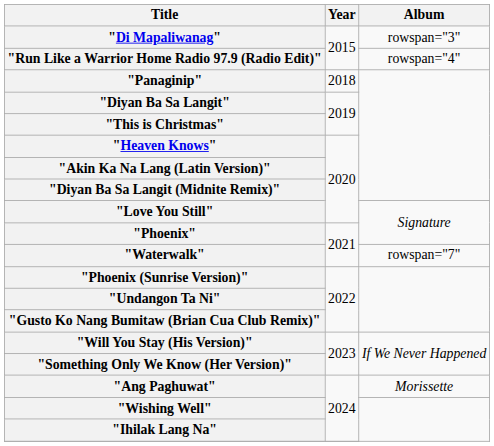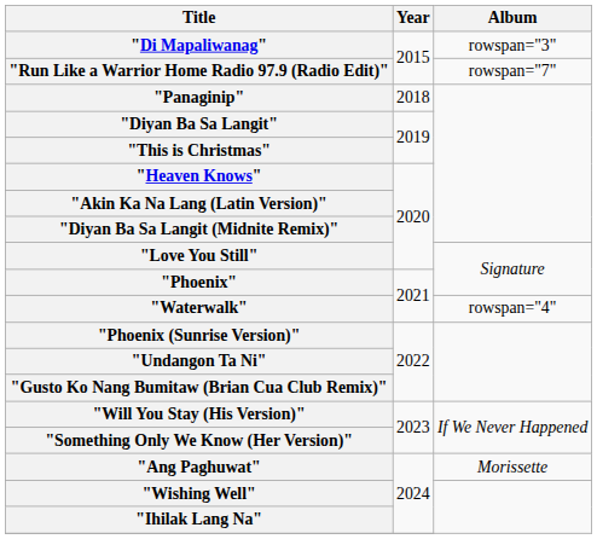 <table class="wikitable plainrowheaders" style="text-align:center;">
 <tr>
 <th scope="col">Title</th>
 <th scope="col">Year</th>
 <th scope="col">Album</th>
 </tr>
 <tr>
 <th scope="row">"<a href='#'>Di Mapaliwanag</a>"</th>
 <td rowspan="2">2015</td>
 <td>rowspan="3" </td>
 </tr>
 <tr>
 <th scope="row">"Run Like a Warrior Home Radio 97.9 (Radio Edit)"</th>
-<td>rowspan="4" </td>
+<td>rowspan="7" </td>
 </tr>
 <tr>
 <th scope="row">"Panaginip"</th>
 <td>2018</td>
 </tr>
 <tr>
 <th scope="row">"Diyan Ba Sa Langit"<br></th>
 <td rowspan="2">2019</td>
 </tr>
 <tr>
 <th scope="row">"This is Christmas"<br></th>
 </tr>
 <tr>
 <th scope="row">"<a href='#'>Heaven Knows</a>"<br></th>
 <td rowspan="4">2020</td>
 </tr>
 <tr>
 <th scope="row">"Akin Ka Na Lang (Latin Version)"</th>
 </tr>
 <tr>
 <th scope="row">"Diyan Ba Sa Langit (Midnite Remix)"<br></th>
 </tr>
 <tr>
 <th scope="row">"Love You Still"</th>
 <td rowspan="2"><em>Signature</em></td>
 </tr>
 <tr>
 <th scope="row">"Phoenix"</th>
 <td rowspan="2">2021</td>
 </tr>
 <tr>
 <th scope="row">"Waterwalk"</th>
-<td>rowspan="7" </td>
+<td>rowspan="4" </td>
 </tr>
 <tr>
 <th scope="row">"Phoenix (Sunrise Version)"</th>
 <td rowspan="3">2022</td>
 </tr>
 <tr>
 <th scope="row">"Undangon Ta Ni"</th>
 </tr>
 <tr>
 <th scope="row">"Gusto Ko Nang Bumitaw (Brian Cua Club Remix)"<br></th>
 </tr>
 <tr>
 <th scope="row">"Will You Stay (His Version)"<br></th>
 <td rowspan="2">2023</td>
 <td rowspan="2"><em>If We Never Happened</em></td>
 </tr>
 <tr>
 <th scope="row">"Something Only We Know (Her Version)"<br></th>
 </tr>
 <tr>
 <th scope="row">"Ang Paghuwat"<br></th>
 <td rowspan="3">2024</td>
 <td><em>Morissette</em></td>
 </tr>
 <tr>
 <th scope="row">"Wishing Well"</th>
 </tr>
 <tr>
 <th scope="row">"Ihilak Lang Na"</th>
 </tr>
 <tr>
 </tr>
 </table>
